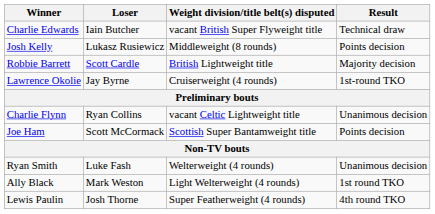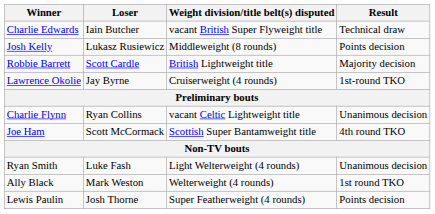 <table class=wikitable>
 <tr>
 <th>Winner</th>
 <th>Loser</th>
 <th>Weight division/title belt(s) disputed</th>
 <th>Result</th>
 </tr>
 <tr>
 <td> <a href='#'>Charlie Edwards</a></td>
 <td> Iain Butcher</td>
 <td>vacant <a href='#'>British</a> Super Flyweight title</td>
 <td>Technical draw</td>
 </tr>
 <tr>
 <td> <a href='#'>Josh Kelly</a></td>
 <td> Lukasz Rusiewicz</td>
 <td>Middleweight (8 rounds)</td>
 <td>Points decision</td>
 </tr>
 <tr>
 <td> <a href='#'>Robbie Barrett</a></td>
 <td> <a href='#'>Scott Cardle</a></td>
 <td><a href='#'>British</a> Lightweight title</td>
 <td>Majority decision</td>
 </tr>
 <tr>
 <td> <a href='#'>Lawrence Okolie</a></td>
 <td> Jay Byrne</td>
 <td>Cruiserweight (4 rounds)</td>
 <td>1st-round TKO</td>
 </tr>
 <tr>
 <th colspan=4>Preliminary bouts</th>
 </tr>
 <tr>
 <td> <a href='#'>Charlie Flynn</a></td>
 <td> Ryan Collins</td>
 <td>vacant <a href='#'>Celtic</a> Lightweight title</td>
 <td>Unanimous decision</td>
 </tr>
 <tr>
 <td> <a href='#'>Joe Ham</a></td>
 <td> Scott McCormack</td>
 <td><a href='#'>Scottish</a> Super Bantamweight title</td>
-<td>Points decision</td>
+<td>4th round TKO</td>
 </tr>
 <tr>
 <th colspan=8>Non-TV bouts</th>
 </tr>
 <tr>
 <td> Ryan Smith</td>
 <td> Luke Fash</td>
-<td>Welterweight (4 rounds)</td>
+<td>Light Welterweight (4 rounds)</td>
 <td>Unanimous decision</td>
 </tr>
 <tr>
 <td> Ally Black</td>
 <td> Mark Weston</td>
-<td>Light Welterweight (4 rounds)</td>
+<td>Welterweight (4 rounds)</td>
 <td>1st round TKO</td>
 </tr>
 <tr>
 <td> Lewis Paulin</td>
 <td> Josh Thorne</td>
 <td>Super Featherweight (4 rounds)</td>
-<td>4th round TKO</td>
+<td>Points decision</td>
 </tr>
 </table>
